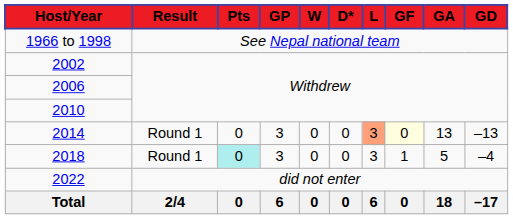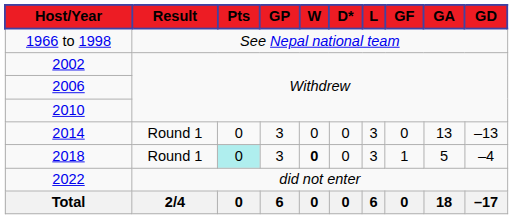 <table Class = "wikitable" style = "text-align: center; width:35%;">
 <tr>
 <th style="background:#ED1C24;border: 2px solid #3F43A4;"><span>Host/Year</span></th>
 <th style="background:#ED1C24;border: 2px solid #3F43A4;"><span>Result</span></th>
 <th style="background:#ED1C24;border: 2px solid #3F43A4;"><span>Pts</span></th>
 <th style="background:#ED1C24;border: 2px solid #3F43A4;"><span>GP</span></th>
 <th style="background:#ED1C24;border: 2px solid #3F43A4;"><span>W</span></th>
 <th style="background:#ED1C24;border: 2px solid #3F43A4;"><span>D*</span></th>
 <th style="background:#ED1C24;border: 2px solid #3F43A4;"><span>L</span></th>
 <th style="background:#ED1C24;border: 2px solid #3F43A4;"><span>GF</span></th>
 <th style="background:#ED1C24;border: 2px solid #3F43A4;"><span>GA</span></th>
 <th style="background:#ED1C24;border: 2px solid #3F43A4;"><span>GD</span></th>
 </tr>
 <tr>
 <td><a href='#'>1966</a> to <a href='#'>1998</a></td>
 <td colspan=9><em>See <a href='#'>Nepal national team</a></em></td>
 </tr>
 <tr>
 <td> <a href='#'>2002</a></td>
 <td colspan=9 rowspan=3><em>Withdrew</em></td>
 </tr>
 <tr>
 <td> <a href='#'>2006</a></td>
 </tr>
 <tr>
 <td> <a href='#'>2010</a></td>
 </tr>
 <tr>
 <td> <a href='#'>2014</a></td>
 <td>Round 1</td>
 <td>0</td>
 <td>3</td>
 <td>0</td>
 <td>0</td>
-<td style="background: lightsalmon;">3</td>
-<td style="background: lightyellow;">0</td>
+<td>3</td>
+<td>0</td>
 <td>13</td>
 <td>–13</td>
 </tr>
 <tr>
 <td> <a href='#'>2018</a></td>
 <td>Round 1</td>
 <td style="background: paleturquoise;">0</td>
 <td>3</td>
-<td>0</td>
+<td><strong>0</strong></td>
 <td>0</td>
 <td>3</td>
 <td>1</td>
 <td>5</td>
 <td>–4</td>
 </tr>
 <tr>
 <td> <a href='#'>2022</a></td>
 <td colspan="9"><em>did not enter</em></td>
 </tr>
 <tr>
 <th><strong>Total</strong></th>
 <th>2/4</th>
 <th>0</th>
 <th>6</th>
 <th>0</th>
 <th>0</th>
 <th>6</th>
 <th>0</th>
 <th>18</th>
 <th>–17</th>
 </tr>
 </table>
